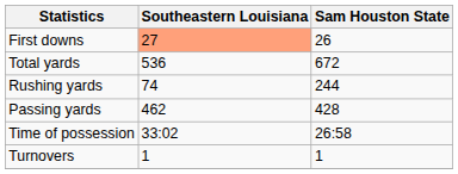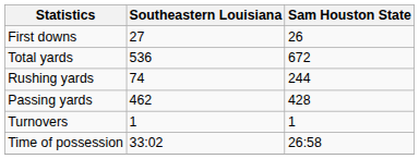 <table class="wikitable">
 <tr>
 <th>Statistics</th>
 <th>Southeastern Louisiana</th>
 <th>Sam Houston State</th>
 </tr>
 <tr>
 <td>First downs</td>
-<td style="background: lightsalmon;">27</td>
+<td>27</td>
 <td>26</td>
 </tr>
 <tr>
 <td>Total yards</td>
 <td>536</td>
 <td>672</td>
 </tr>
 <tr>
 <td>Rushing yards</td>
 <td>74</td>
 <td>244</td>
 </tr>
 <tr>
 <td>Passing yards</td>
 <td>462</td>
 <td>428</td>
 </tr>
 <tr>
+<td>Turnovers</td>
+<td>1</td>
+<td>1</td>
+</tr>
+<tr>
 <td>Time of possession</td>
 <td>33:02</td>
 <td>26:58</td>
 </tr>
 <tr>
-<td>Turnovers</td>
-<td>1</td>
-<td>1</td>
-</tr>
-<tr>
 </tr>
 </table>
